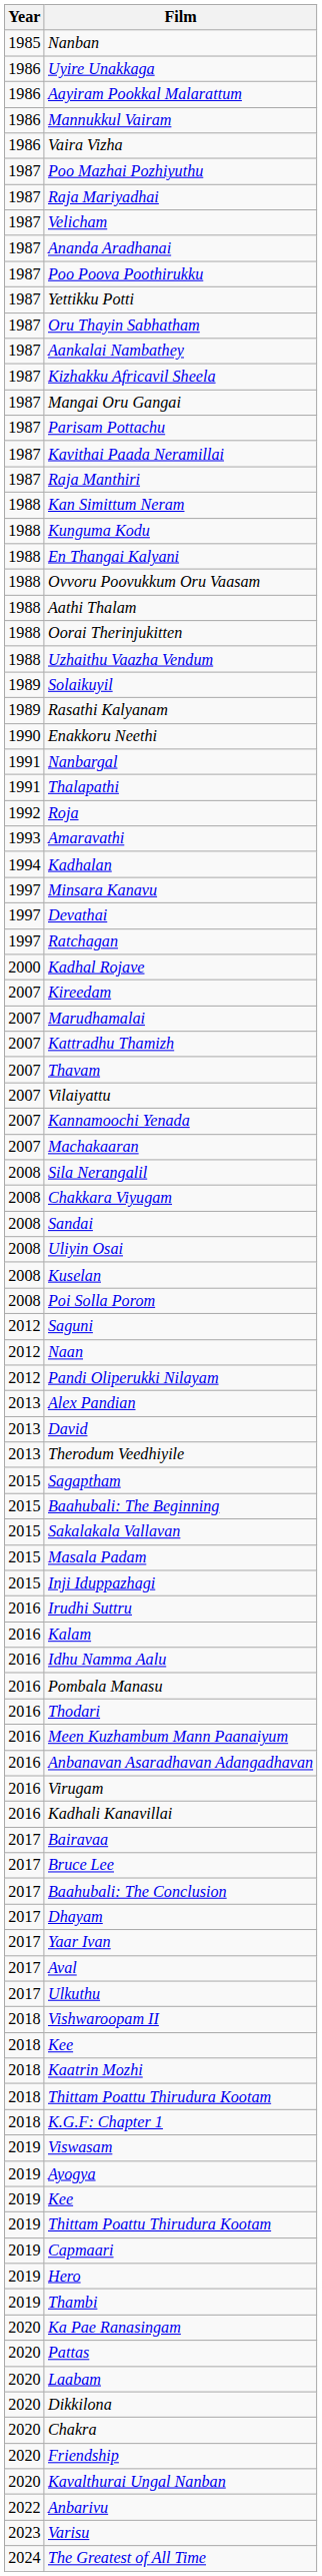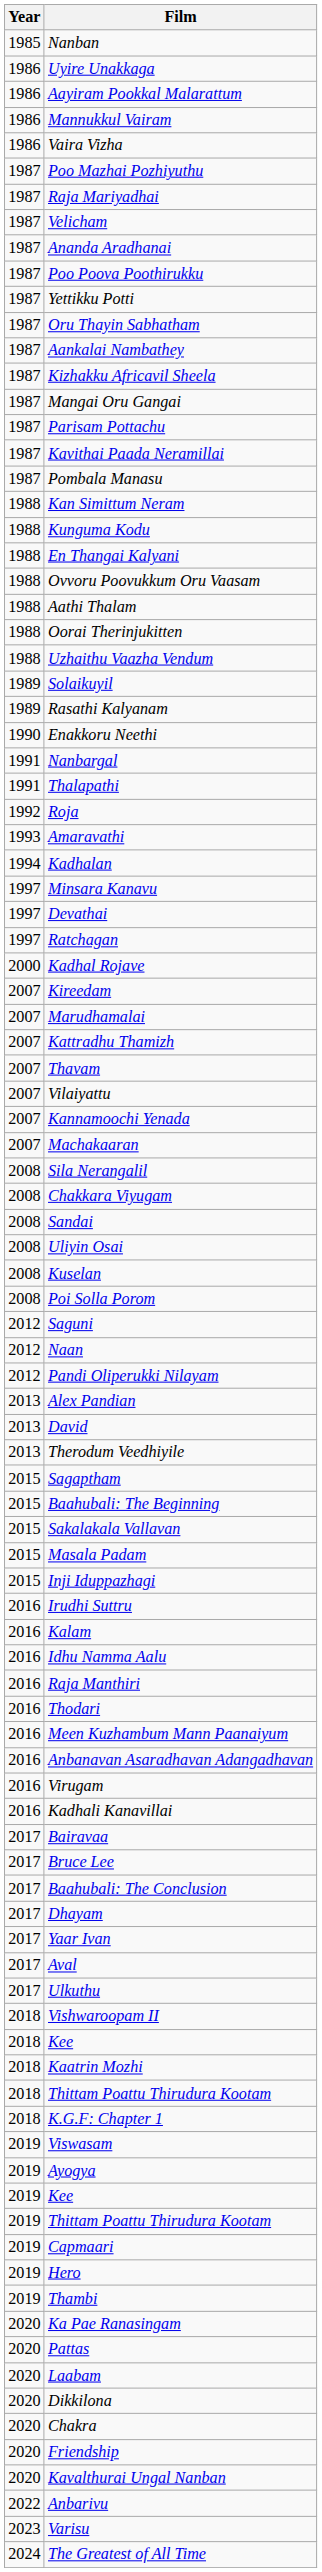 <table class="wikitable sortable">
 <tr>
 <th>Year</th>
 <th>Film</th>
 </tr>
 <tr>
 <td>1985</td>
 <td><em>Nanban</em></td>
 </tr>
 <tr>
 <td>1986</td>
 <td><em><a href='#'>Uyire Unakkaga</a></em></td>
 </tr>
 <tr>
 <td>1986</td>
 <td><em><a href='#'>Aayiram Pookkal Malarattum</a></em></td>
 </tr>
 <tr>
 <td>1986</td>
 <td><em><a href='#'>Mannukkul Vairam</a></em></td>
 </tr>
 <tr>
 <td>1986</td>
 <td><em>Vaira Vizha</em></td>
 </tr>
 <tr>
 <td>1987</td>
 <td><em><a href='#'>Poo Mazhai Pozhiyuthu</a></em></td>
 </tr>
 <tr>
 <td>1987</td>
 <td><em><a href='#'>Raja Mariyadhai</a></em></td>
 </tr>
 <tr>
 <td>1987</td>
 <td><em><a href='#'>Velicham</a></em></td>
 </tr>
 <tr>
 <td>1987</td>
 <td><em><a href='#'>Ananda Aradhanai</a></em></td>
 </tr>
 <tr>
 <td>1987</td>
 <td><em><a href='#'>Poo Poova Poothirukku</a></em></td>
 </tr>
 <tr>
 <td>1987</td>
 <td><em>Yettikku Potti</em></td>
 </tr>
 <tr>
 <td>1987</td>
 <td><em><a href='#'>Oru Thayin Sabhatham</a></em></td>
 </tr>
 <tr>
 <td>1987</td>
 <td><em><a href='#'>Aankalai Nambathey</a></em></td>
 </tr>
 <tr>
 <td>1987</td>
 <td><em><a href='#'>Kizhakku Africavil Sheela</a></em></td>
 </tr>
 <tr>
 <td>1987</td>
 <td><em>Mangai Oru Gangai</em></td>
 </tr>
 <tr>
 <td>1987</td>
 <td><em><a href='#'>Parisam Pottachu</a></em></td>
 </tr>
 <tr>
 <td>1987</td>
 <td><em><a href='#'>Kavithai Paada Neramillai</a></em></td>
 </tr>
 <tr>
 <td>1987</td>
-<td><em><a href='#'>Raja Manthiri</a></em></td>
+<td><em>Pombala Manasu</em></td>
 </tr>
 <tr>
 <td>1988</td>
 <td><em><a href='#'>Kan Simittum Neram</a></em></td>
 </tr>
 <tr>
 <td>1988</td>
 <td><em><a href='#'>Kunguma Kodu</a></em></td>
 </tr>
 <tr>
 <td>1988</td>
 <td><em><a href='#'>En Thangai Kalyani</a></em></td>
 </tr>
 <tr>
 <td>1988</td>
 <td><em>Ovvoru Poovukkum Oru Vaasam</em></td>
 </tr>
 <tr>
 <td>1988</td>
 <td><em>Aathi Thalam</em></td>
 </tr>
 <tr>
 <td>1988</td>
 <td><em>Oorai Therinjukitten</em></td>
 </tr>
 <tr>
 <td>1988</td>
 <td><em><a href='#'>Uzhaithu Vaazha Vendum</a></em></td>
 </tr>
 <tr>
 <td>1989</td>
 <td><em><a href='#'>Solaikuyil</a></em></td>
 </tr>
 <tr>
 <td>1989</td>
 <td><em>Rasathi Kalyanam</em></td>
 </tr>
 <tr>
 <td>1990</td>
 <td><em>Enakkoru Neethi</em></td>
 </tr>
 <tr>
 <td>1991</td>
 <td><em><a href='#'>Nanbargal</a></em></td>
 </tr>
 <tr>
 <td>1991</td>
 <td><em><a href='#'>Thalapathi</a></em></td>
 </tr>
 <tr>
 <td>1992</td>
 <td><em><a href='#'>Roja</a></em></td>
 </tr>
 <tr>
 <td>1993</td>
 <td><em><a href='#'>Amaravathi</a></em></td>
 </tr>
 <tr>
 <td>1994</td>
 <td><em><a href='#'>Kadhalan</a></em></td>
 </tr>
 <tr>
 <td>1997</td>
 <td><em><a href='#'>Minsara Kanavu</a></em></td>
 </tr>
 <tr>
 <td>1997</td>
 <td><em><a href='#'>Devathai</a></em></td>
 </tr>
 <tr>
 <td>1997</td>
 <td><em><a href='#'>Ratchagan</a></em></td>
 </tr>
 <tr>
 <td>2000</td>
 <td><em><a href='#'>Kadhal Rojave</a></em></td>
 </tr>
 <tr>
 <td>2007</td>
 <td><em><a href='#'>Kireedam</a></em></td>
 </tr>
 <tr>
 <td>2007</td>
 <td><em><a href='#'>Marudhamalai</a></em></td>
 </tr>
 <tr>
 <td>2007</td>
 <td><em><a href='#'>Kattradhu Thamizh</a></em></td>
 </tr>
 <tr>
 <td>2007</td>
 <td><em><a href='#'>Thavam</a></em></td>
 </tr>
 <tr>
 <td>2007</td>
 <td><em>Vilaiyattu</em></td>
 </tr>
 <tr>
 <td>2007</td>
 <td><em><a href='#'>Kannamoochi Yenada</a></em></td>
 </tr>
 <tr>
 <td>2007</td>
 <td><em><a href='#'>Machakaaran</a></em></td>
 </tr>
 <tr>
 <td>2008</td>
 <td><em><a href='#'>Sila Nerangalil</a></em></td>
 </tr>
 <tr>
 <td>2008</td>
 <td><em><a href='#'>Chakkara Viyugam</a></em></td>
 </tr>
 <tr>
 <td>2008</td>
 <td><em><a href='#'>Sandai</a></em></td>
 </tr>
 <tr>
 <td>2008</td>
 <td><em><a href='#'>Uliyin Osai</a></em></td>
 </tr>
 <tr>
 <td>2008</td>
 <td><em><a href='#'>Kuselan</a></em></td>
 </tr>
 <tr>
 <td>2008</td>
 <td><em><a href='#'>Poi Solla Porom</a></em></td>
 </tr>
 <tr>
 <td>2012</td>
 <td><em><a href='#'>Saguni</a></em></td>
 </tr>
 <tr>
 <td>2012</td>
 <td><em><a href='#'>Naan</a></em></td>
 </tr>
 <tr>
 <td>2012</td>
 <td><em><a href='#'>Pandi Oliperukki Nilayam</a></em></td>
 </tr>
 <tr>
 <td>2013</td>
 <td><em><a href='#'>Alex Pandian</a></em></td>
 </tr>
 <tr>
 <td>2013</td>
 <td><em><a href='#'>David</a></em></td>
 </tr>
 <tr>
 <td>2013</td>
 <td><em>Therodum Veedhiyile</em></td>
 </tr>
 <tr>
 <td>2015</td>
 <td><em><a href='#'>Sagaptham</a></em></td>
 </tr>
 <tr>
 <td>2015</td>
 <td><em><a href='#'>Baahubali: The Beginning</a></em></td>
 </tr>
 <tr>
 <td>2015</td>
 <td><em><a href='#'>Sakalakala Vallavan</a></em></td>
 </tr>
 <tr>
 <td>2015</td>
 <td><em><a href='#'>Masala Padam</a></em></td>
 </tr>
 <tr>
 <td>2015</td>
 <td><em><a href='#'>Inji Iduppazhagi</a></em></td>
 </tr>
 <tr>
 <td>2016</td>
 <td><em><a href='#'>Irudhi Suttru</a></em></td>
 </tr>
 <tr>
 <td>2016</td>
 <td><em><a href='#'>Kalam</a></em></td>
 </tr>
 <tr>
 <td>2016</td>
 <td><em><a href='#'>Idhu Namma Aalu</a></em></td>
 </tr>
 <tr>
 <td>2016</td>
-<td><em>Pombala Manasu</em></td>
+<td><em><a href='#'>Raja Manthiri</a></em></td>
 </tr>
 <tr>
 <td>2016</td>
 <td><em><a href='#'>Thodari</a></em></td>
 </tr>
 <tr>
 <td>2016</td>
 <td><em><a href='#'>Meen Kuzhambum Mann Paanaiyum</a></em></td>
 </tr>
 <tr>
 <td>2016</td>
 <td><em><a href='#'>Anbanavan Asaradhavan Adangadhavan</a></em></td>
 </tr>
 <tr>
 <td>2016</td>
 <td><em>Virugam</em></td>
 </tr>
 <tr>
 <td>2016</td>
 <td><em>Kadhali Kanavillai</em></td>
 </tr>
 <tr>
 <td>2017</td>
 <td><em><a href='#'>Bairavaa</a></em></td>
 </tr>
 <tr>
 <td>2017</td>
 <td><em><a href='#'>Bruce Lee</a></em></td>
 </tr>
 <tr>
 <td>2017</td>
 <td><em><a href='#'>Baahubali: The Conclusion</a></em></td>
 </tr>
 <tr>
 <td>2017</td>
 <td><em><a href='#'>Dhayam</a></em></td>
 </tr>
 <tr>
 <td>2017</td>
 <td><em><a href='#'>Yaar Ivan</a></em></td>
 </tr>
 <tr>
 <td>2017</td>
 <td><em><a href='#'>Aval</a></em></td>
 </tr>
 <tr>
 <td>2017</td>
 <td><em><a href='#'>Ulkuthu</a></em></td>
 </tr>
 <tr>
 <td>2018</td>
 <td><em><a href='#'>Vishwaroopam II</a></em></td>
 </tr>
 <tr>
 <td>2018</td>
 <td><em><a href='#'>Kee</a></em></td>
 </tr>
 <tr>
 <td>2018</td>
 <td><em><a href='#'>Kaatrin Mozhi</a></em></td>
 </tr>
 <tr>
 <td>2018</td>
 <td><em><a href='#'>Thittam Poattu Thirudura Kootam</a></em></td>
 </tr>
 <tr>
 <td>2018</td>
 <td><em><a href='#'>K.G.F: Chapter 1</a></em></td>
 </tr>
 <tr>
 <td>2019</td>
 <td><em><a href='#'>Viswasam</a></em></td>
 </tr>
 <tr>
 <td>2019</td>
 <td><em><a href='#'>Ayogya</a></em></td>
 </tr>
 <tr>
 <td>2019</td>
 <td><em><a href='#'>Kee</a></em></td>
 </tr>
 <tr>
 <td>2019</td>
 <td><em><a href='#'>Thittam Poattu Thirudura Kootam</a></em></td>
 </tr>
 <tr>
 <td>2019</td>
 <td><em><a href='#'>Capmaari</a></em></td>
 </tr>
 <tr>
 <td>2019</td>
 <td><em><a href='#'>Hero</a></em></td>
 </tr>
 <tr>
 <td>2019</td>
 <td><em><a href='#'>Thambi</a></em></td>
 </tr>
 <tr>
 <td>2020</td>
 <td><em><a href='#'>Ka Pae Ranasingam</a></em></td>
 </tr>
 <tr>
 <td>2020</td>
 <td><em><a href='#'>Pattas</a></em></td>
 </tr>
 <tr>
 <td>2020</td>
 <td><em><a href='#'>Laabam</a></em></td>
 </tr>
 <tr>
 <td>2020</td>
 <td><em>Dikkilona</em></td>
 </tr>
 <tr>
 <td>2020</td>
 <td><em>Chakra</em></td>
 </tr>
 <tr>
 <td>2020</td>
 <td><em><a href='#'>Friendship</a></em></td>
 </tr>
 <tr>
 <td>2020</td>
 <td><em><a href='#'>Kavalthurai Ungal Nanban</a></em></td>
 </tr>
 <tr>
 <td>2022</td>
 <td><em><a href='#'>Anbarivu</a></em></td>
 </tr>
 <tr>
 <td>2023</td>
 <td><em><a href='#'>Varisu</a></em></td>
 </tr>
 <tr>
 <td>2024</td>
 <td><em><a href='#'>The Greatest of All Time</a></em></td>
 </tr>
 <tr>
 </tr>
 </table>
